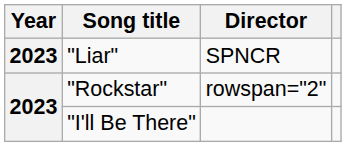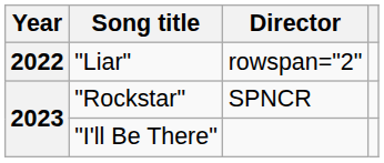 <table class="wikitable plainrowheaders sortable">
 <tr>
 <th scope="col">Year</th>
 <th scope="col">Song title</th>
 <th scope="col">Director</th>
 <th scope="col" class="unsortable"></th>
 </tr>
 <tr>
-<th scope="row">2023</th>
+<th scope="row">2022</th>
 <td>"Liar"</td>
-<td>SPNCR</td>
+<td>rowspan="2" </td>
 <td style="text-align:center"></td>
 </tr>
 <tr>
 <th scope="row" rowspan="2">2023</th>
 <td>"Rockstar"</td>
-<td>rowspan="2" </td>
+<td>SPNCR</td>
 <td style="text-align:center"></td>
 </tr>
 <tr>
 <td>"I'll Be There"</td>
 <td style="text-align:center"></td>
 </tr>
 </table>
